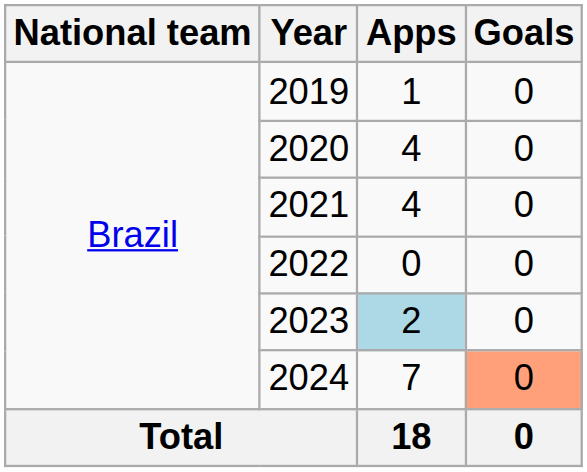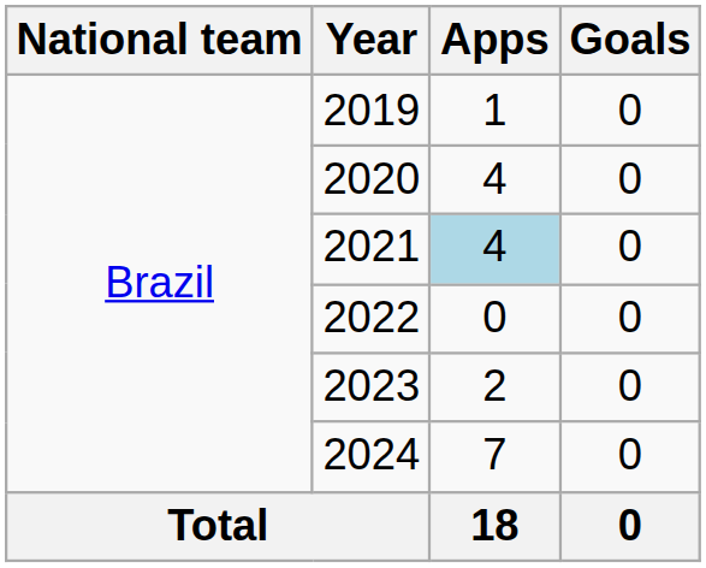 <table class="wikitable" style="text-align:center">
 <tr>
 <th>National team</th>
 <th>Year</th>
 <th>Apps</th>
 <th>Goals</th>
 </tr>
 <tr>
 <td rowspan="6"><a href='#'>Brazil</a></td>
 <td>2019</td>
 <td>1</td>
 <td>0</td>
 </tr>
 <tr>
 <td>2020</td>
 <td>4</td>
 <td>0</td>
 </tr>
 <tr>
 <td>2021</td>
-<td>4</td>
+<td style="background: lightblue;">4</td>
 <td>0</td>
 </tr>
 <tr>
 <td>2022</td>
 <td>0</td>
 <td>0</td>
 </tr>
 <tr>
 <td>2023</td>
-<td style="background: lightblue;">2</td>
+<td>2</td>
 <td>0</td>
 </tr>
 <tr>
 <td>2024</td>
 <td>7</td>
-<td style="background: lightsalmon;">0</td>
+<td>0</td>
 </tr>
 <tr>
 <th colspan="2">Total</th>
 <th>18</th>
 <th>0</th>
 </tr>
 </table>
